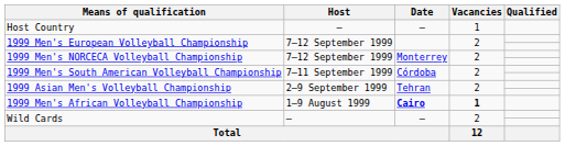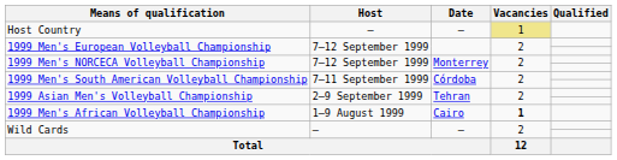 <table class="wikitable">
 <tr>
 <th>Means of qualification</th>
 <th>Host</th>
 <th>Date</th>
 <th>Vacancies</th>
 <th>Qualified</th>
 </tr>
 <tr>
 <td>Host Country</td>
 <td align=center>—</td>
 <td align=center>―</td>
-<td align=center>1</td>
+<td align=center style="background: khaki;">1</td>
 <td></td>
 </tr>
 <tr>
 <td rowspan=2><a href='#'>1999 Men's European Volleyball Championship</a></td>
 <td rowspan=2>7–12 September 1999</td>
 <td rowspan=2></td>
 <td rowspan=2 align=center>2</td>
 <td></td>
 </tr>
 <tr>
 <td></td>
 </tr>
 <tr>
 <td rowspan=2><a href='#'>1999 Men's NORCECA Volleyball Championship</a></td>
 <td rowspan=2>7–12 September 1999</td>
 <td rowspan=2> <a href='#'>Monterrey</a></td>
 <td rowspan=2 align=center>2</td>
 <td></td>
 </tr>
 <tr>
 <td></td>
 </tr>
 <tr>
 <td rowspan=2><a href='#'>1999 Men's South American Volleyball Championship</a></td>
 <td rowspan=2>7–11 September 1999</td>
 <td rowspan=2> <a href='#'>Córdoba</a></td>
 <td rowspan=2 align=center>2</td>
 <td></td>
 </tr>
 <tr>
 <td></td>
 </tr>
 <tr>
 <td rowspan=2><a href='#'>1999 Asian Men's Volleyball Championship</a></td>
 <td rowspan=2>2–9 September 1999</td>
 <td rowspan=2> <a href='#'>Tehran</a></td>
 <td rowspan=2 align=center>2</td>
 <td></td>
 </tr>
 <tr>
 <td></td>
 </tr>
 <tr>
 <td><a href='#'>1999 Men's African Volleyball Championship</a></td>
 <td>1–9 August 1999</td>
-<td><strong> <a href='#'>Cairo</a></strong></td>
+<td> <a href='#'>Cairo</a></td>
 <td align=center><strong>1</strong></td>
 <td></td>
 </tr>
 <tr>
 <td rowspan=2>Wild Cards</td>
 <td rowspan=2 alogn=center>―</td>
 <td rowspan=2 align=center>―</td>
 <td rowspan=2 align=center>2</td>
 <td></td>
 </tr>
 <tr>
 <td></td>
 </tr>
 <tr>
 <th colspan="3">Total</th>
 <th>12</th>
 <th></th>
 </tr>
 </table>
